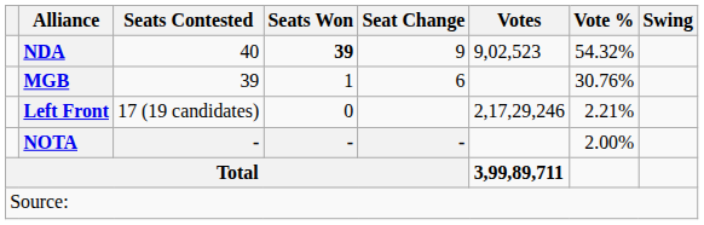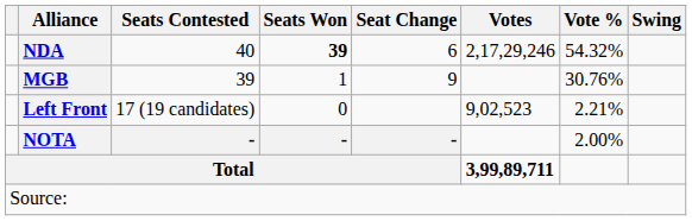 <table class="wikitable Sortable">
 <tr>
 <th></th>
 <th>Alliance</th>
 <th>Seats Contested</th>
 <th>Seats Won</th>
 <th>Seat Change</th>
 <th>Votes</th>
 <th>Vote %</th>
 <th>Swing</th>
 </tr>
 <tr>
 <td style="background-color:"> </td>
 <th style="text-align:left;"><a href='#'>NDA</a></th>
 <td style="text-align:right;">40</td>
 <td style="text-align:right;"><strong>39</strong></td>
-<td style="text-align:right;">9</td>
-<td>9,02,523</td>
+<td style="text-align:right;">6</td>
+<td>2,17,29,246</td>
 <td style="text-align:right;">54.32%</td>
 <td style="text-align:right;"></td>
 </tr>
 <tr>
 <td style="background-color:"> </td>
 <th style="text-align:left;"><a href='#'>MGB</a></th>
 <td style="text-align:right;">39</td>
 <td style="text-align:right;">1</td>
-<td style="text-align:right;">6</td>
+<td style="text-align:right;">9</td>
 <td></td>
 <td style="text-align:right;">30.76%</td>
 <td style="text-align:right;"></td>
 </tr>
 <tr>
 <td style="background-color:"> </td>
 <th style="text-align:left;"><a href='#'>Left Front</a></th>
 <td style="text-align:right;">17 (19 candidates)</td>
 <td style="text-align:right;">0</td>
 <td style="text-align:right;"></td>
-<td>2,17,29,246</td>
+<td>9,02,523</td>
 <td style="text-align:right;">2.21%</td>
 <td style="text-align:right;"></td>
 </tr>
 <tr>
 <td style="background-color:"> </td>
 <th style="text-align:left;"><a href='#'>NOTA</a></th>
 <th style="text-align:right;">-</th>
 <th style="text-align:right;">-</th>
 <th style="text-align:right;">-</th>
 <td></td>
 <td style="text-align:right;">2.00%</td>
 <td style="text-align:right;"></td>
 </tr>
 <tr>
 <th colspan="5"><strong>Total</strong></th>
 <td><strong>3,99,89,711</strong></td>
 <td></td>
 <td></td>
 </tr>
 <tr>
 <td colspan="8" style="text-align:left;">Source:</td>
 </tr>
 </table>
